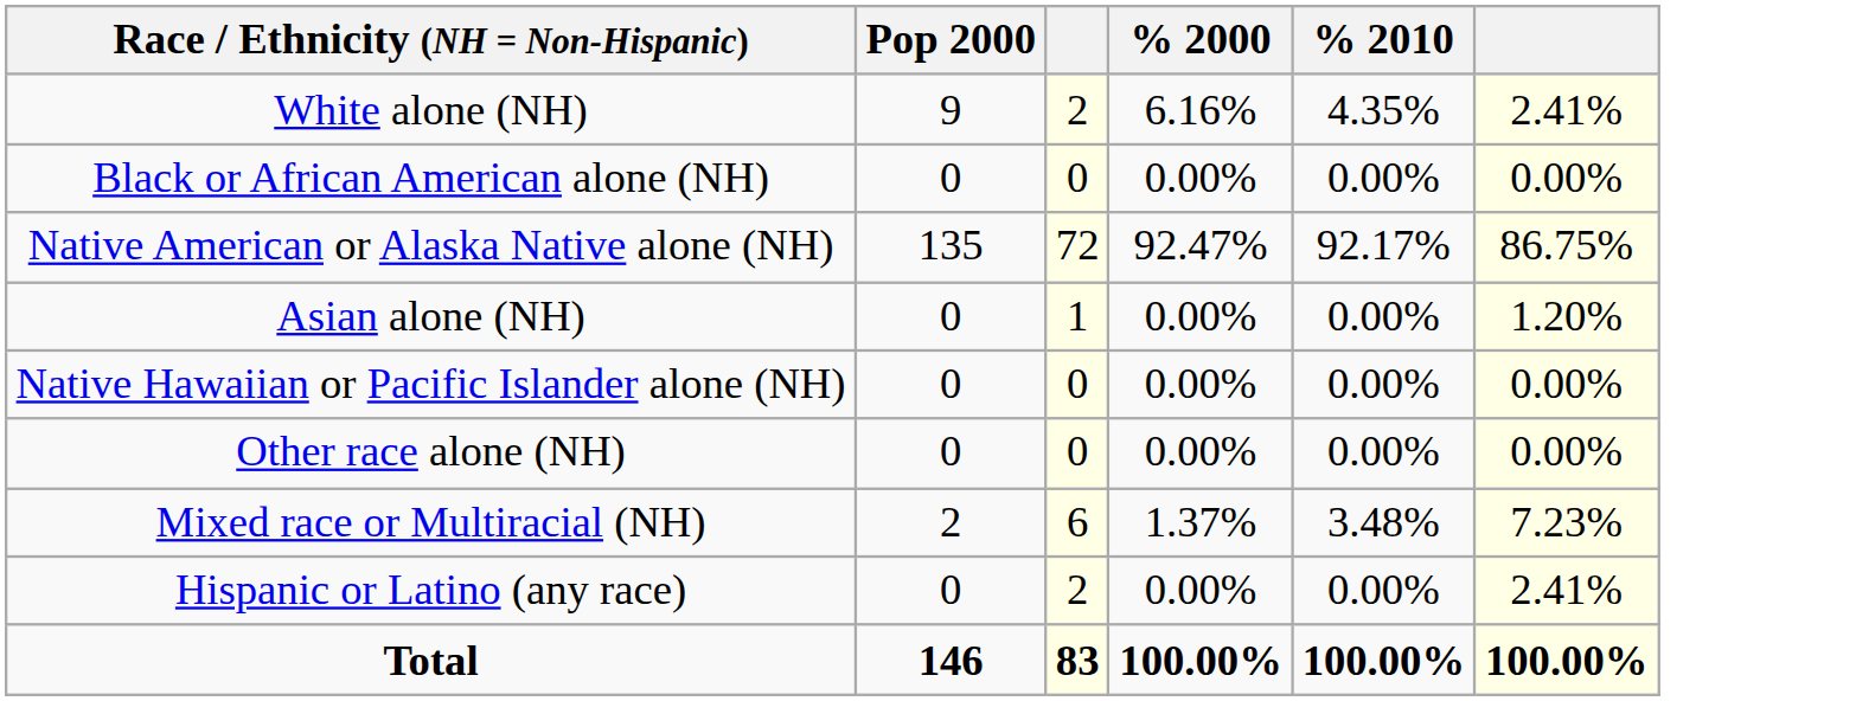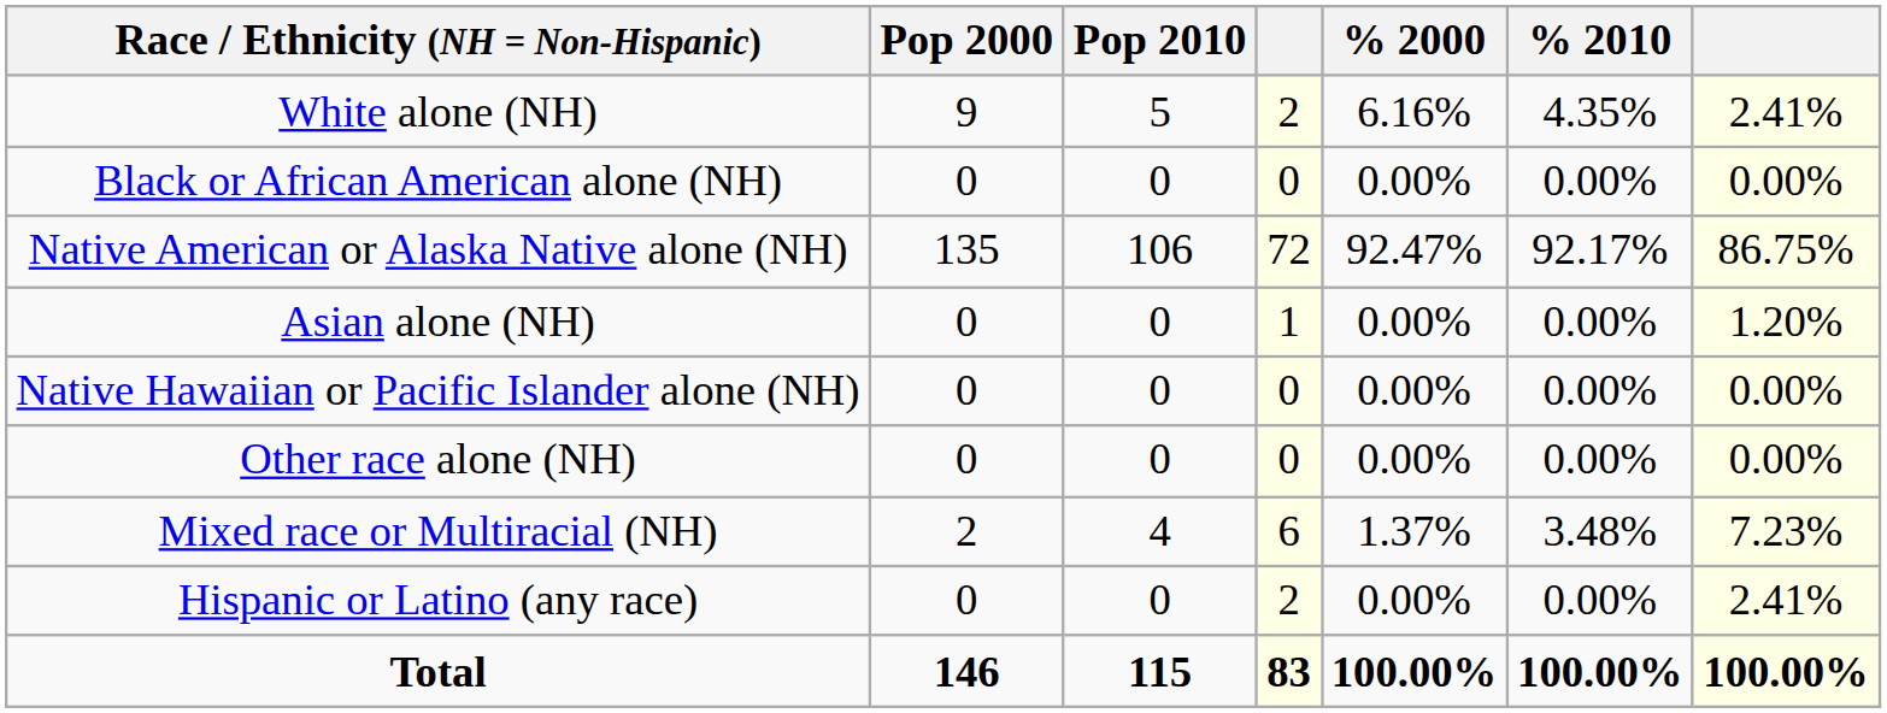 <table class="wikitable" style="text-align:center;">
 <tr>
 <th>Race / Ethnicity <small>(<em>NH = Non-Hispanic</em>)</small></th>
 <th>Pop 2000</th>
+<th>Pop 2010</th>
 <th></th>
 <th>% 2000</th>
 <th>% 2010</th>
 <th></th>
 </tr>
 <tr>
 <td><a href='#'>White</a> alone (NH)</td>
 <td>9</td>
+<td>5</td>
 <td style='background: #ffffe6;'>2</td>
 <td>6.16%</td>
 <td>4.35%</td>
 <td style='background: #ffffe6;'>2.41%</td>
 </tr>
 <tr>
 <td><a href='#'>Black or African American</a> alone (NH)</td>
+<td>0</td>
 <td>0</td>
 <td style='background: #ffffe6;'>0</td>
 <td>0.00%</td>
 <td>0.00%</td>
 <td style='background: #ffffe6;'>0.00%</td>
 </tr>
 <tr>
 <td><a href='#'>Native American</a> or <a href='#'>Alaska Native</a> alone (NH)</td>
 <td>135</td>
+<td>106</td>
 <td style='background: #ffffe6;'>72</td>
 <td>92.47%</td>
 <td>92.17%</td>
 <td style='background: #ffffe6;'>86.75%</td>
 </tr>
 <tr>
 <td><a href='#'>Asian</a> alone (NH)</td>
+<td>0</td>
 <td>0</td>
 <td style='background: #ffffe6;'>1</td>
 <td>0.00%</td>
 <td>0.00%</td>
 <td style='background: #ffffe6;'>1.20%</td>
 </tr>
 <tr>
 <td><a href='#'>Native Hawaiian</a> or <a href='#'>Pacific Islander</a> alone (NH)</td>
 <td>0</td>
+<td>0</td>
 <td style='background: #ffffe6;'>0</td>
 <td>0.00%</td>
 <td>0.00%</td>
 <td style='background: #ffffe6;'>0.00%</td>
 </tr>
 <tr>
 <td><a href='#'>Other race</a> alone (NH)</td>
+<td>0</td>
 <td>0</td>
 <td style='background: #ffffe6;'>0</td>
 <td>0.00%</td>
 <td>0.00%</td>
 <td style='background: #ffffe6;'>0.00%</td>
 </tr>
 <tr>
 <td><a href='#'>Mixed race or Multiracial</a> (NH)</td>
 <td>2</td>
+<td>4</td>
 <td style='background: #ffffe6;'>6</td>
 <td>1.37%</td>
 <td>3.48%</td>
 <td style='background: #ffffe6;'>7.23%</td>
 </tr>
 <tr>
 <td><a href='#'>Hispanic or Latino</a> (any race)</td>
+<td>0</td>
 <td>0</td>
 <td style='background: #ffffe6;'>2</td>
 <td>0.00%</td>
 <td>0.00%</td>
 <td style='background: #ffffe6;'>2.41%</td>
 </tr>
 <tr>
 <td><strong>Total</strong></td>
 <td><strong>146</strong></td>
+<td><strong>115</strong></td>
 <td style='background: #ffffe6;'><strong>83</strong></td>
 <td><strong>100.00%</strong></td>
 <td><strong>100.00%</strong></td>
 <td style='background: #ffffe6;'><strong>100.00%</strong></td>
 </tr>
 </table>
